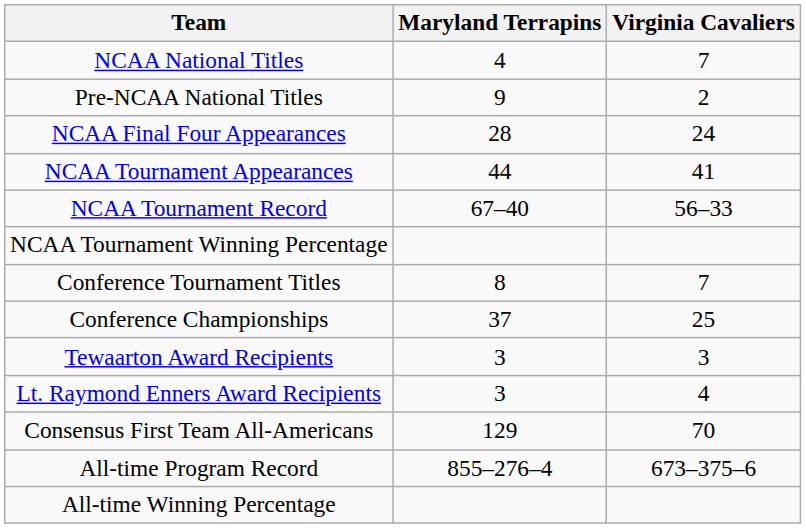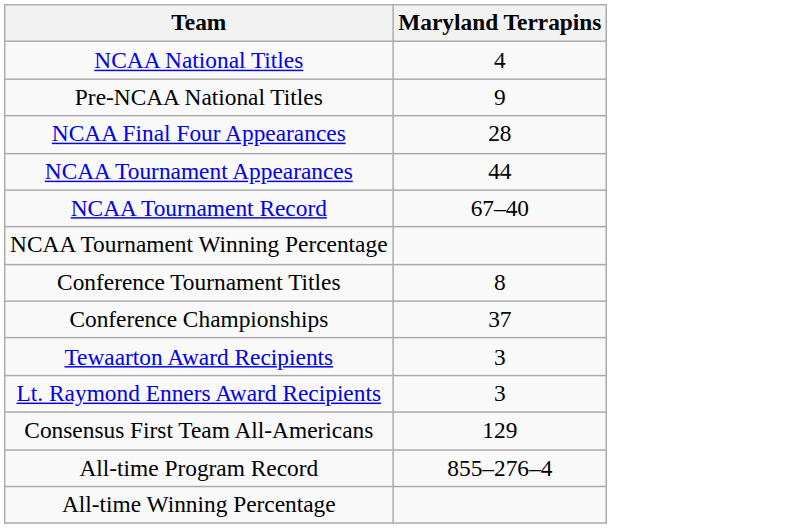 <table class="wikitable" style="text-align:center;">
 <tr>
 <th>Team</th>
 <th>Maryland Terrapins</th>
-<th>Virginia Cavaliers</th>
 </tr>
 <tr>
 <td><a href='#'>NCAA National Titles</a></td>
 <td style=>4</td>
-<td>7</td>
 </tr>
 <tr>
 <td>Pre-NCAA National Titles</td>
 <td style=>9</td>
-<td>2</td>
 </tr>
 <tr>
 <td><a href='#'>NCAA Final Four Appearances</a></td>
 <td>28</td>
-<td>24</td>
 </tr>
 <tr>
 <td><a href='#'>NCAA Tournament Appearances</a></td>
 <td>44</td>
-<td>41</td>
 </tr>
 <tr>
 <td><a href='#'>NCAA Tournament Record</a></td>
 <td>67–40</td>
-<td>56–33</td>
 </tr>
 <tr>
 <td>NCAA Tournament Winning Percentage</td>
-<td></td>
 <td></td>
 </tr>
 <tr>
 <td>Conference Tournament Titles</td>
 <td>8</td>
-<td>7</td>
 </tr>
 <tr>
 <td>Conference Championships</td>
 <td>37</td>
-<td>25</td>
 </tr>
 <tr>
 <td><a href='#'>Tewaarton Award Recipients</a></td>
-<td>3</td>
 <td>3</td>
 </tr>
 <tr>
 <td><a href='#'>Lt. Raymond Enners Award Recipients</a></td>
 <td>3</td>
-<td>4</td>
 </tr>
 <tr>
 <td>Consensus First Team All-Americans</td>
 <td>129</td>
-<td>70</td>
 </tr>
 <tr>
 <td>All-time Program Record</td>
 <td>855–276–4</td>
-<td>673–375–6</td>
 </tr>
 <tr>
 <td>All-time Winning Percentage</td>
 <td></td>
-<td></td>
 </tr>
 </table>
